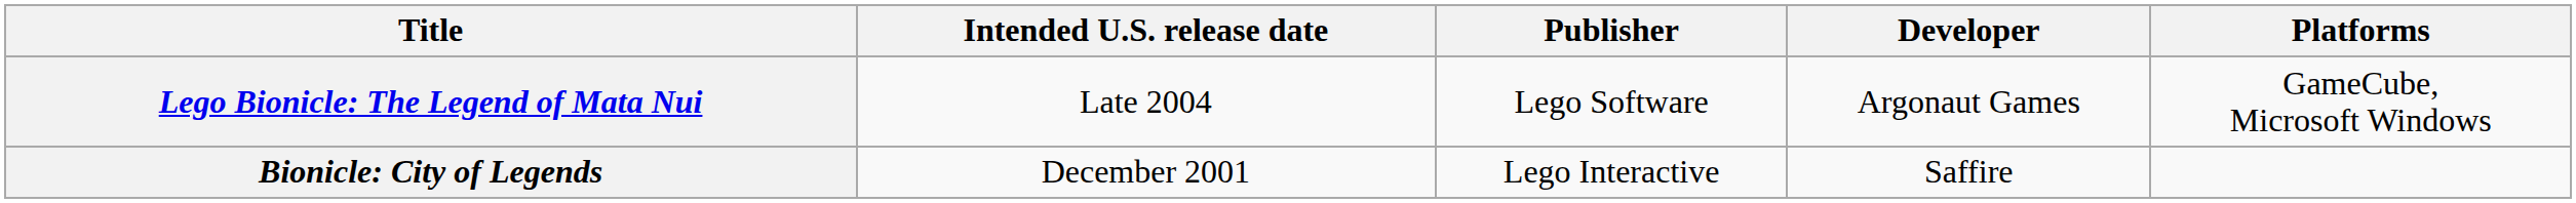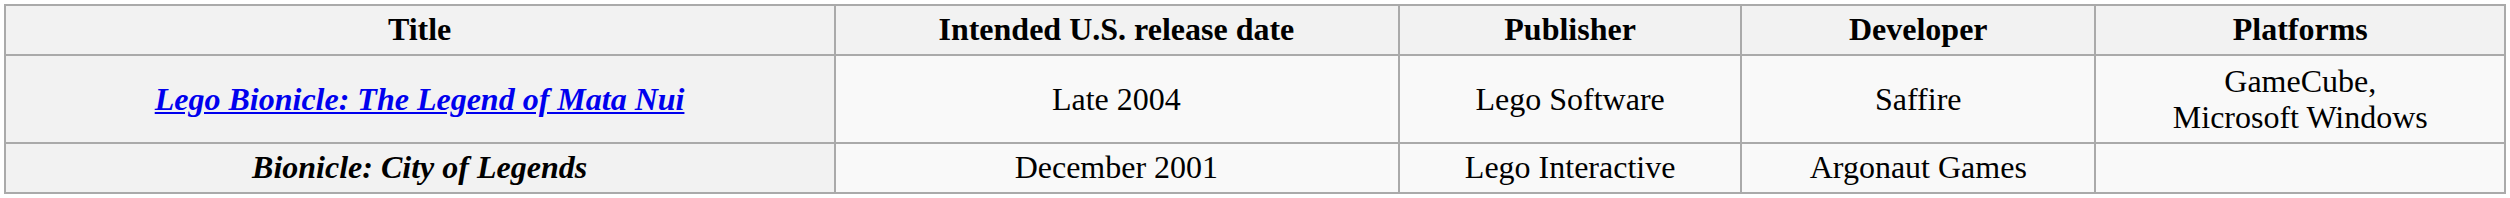 <table class="wikitable plainrowheaders" style="text-align: center; width: 99%;">
 <tr>
 <th scope="col">Title</th>
 <th scope="col">Intended U.S. release date</th>
 <th scope="col">Publisher</th>
 <th scope="col">Developer</th>
 <th scope="col">Platforms</th>
 </tr>
 <tr>
 <th scope="row"><em><a href='#'>Lego Bionicle: The Legend of Mata Nui</a></em></th>
 <td>Late 2004</td>
 <td>Lego Software</td>
-<td>Argonaut Games</td>
+<td>Saffire</td>
 <td>GameCube,<br>Microsoft Windows</td>
 </tr>
 <tr>
 <th scope="row"><em>Bionicle: City of Legends</em></th>
 <td>December 2001</td>
 <td>Lego Interactive</td>
-<td>Saffire</td>
+<td>Argonaut Games</td>
 <td></td>
 </tr>
 <tr>
 </tr>
 </table>
